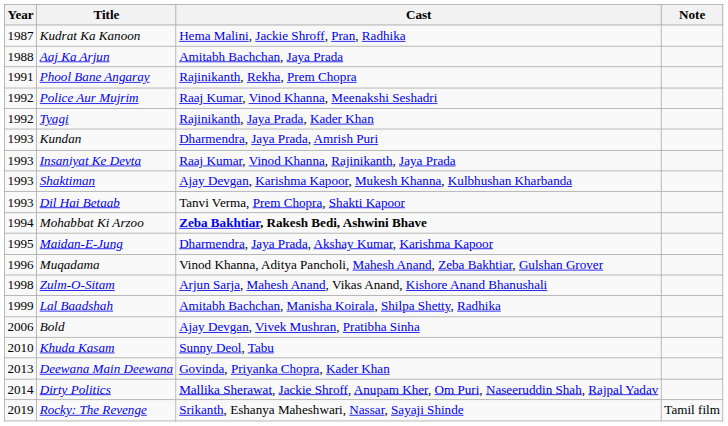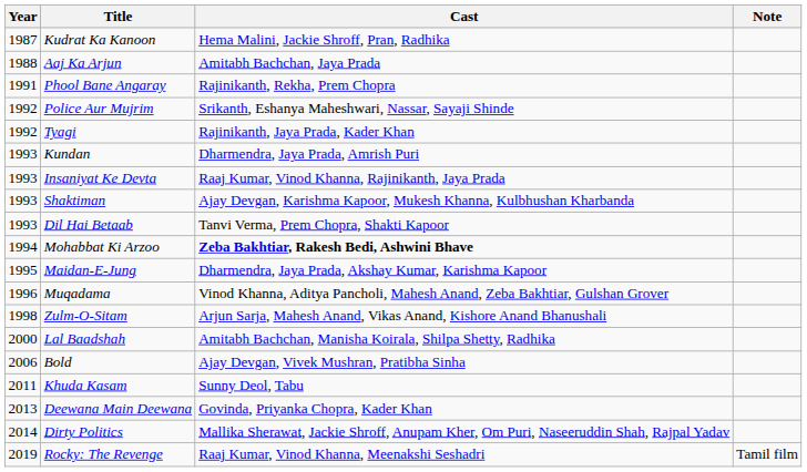 <table class="wikitable sortable">
 <tr style="background:#ccc; align:center,">
 <th>Year</th>
 <th>Title</th>
 <th>Cast</th>
 <th>Note</th>
 </tr>
 <tr>
 <td>1987</td>
 <td><em>Kudrat Ka Kanoon</em></td>
 <td><a href='#'>Hema Malini</a>, <a href='#'>Jackie Shroff</a>, <a href='#'>Pran</a>, <a href='#'>Radhika</a></td>
 <td></td>
 </tr>
 <tr>
 <td>1988</td>
 <td><em><a href='#'>Aaj Ka Arjun</a></em></td>
 <td><a href='#'>Amitabh Bachchan</a>, <a href='#'>Jaya Prada</a></td>
 <td></td>
 </tr>
 <tr>
 <td>1991</td>
 <td><em><a href='#'>Phool Bane Angaray</a></em></td>
 <td><a href='#'>Rajinikanth</a>, <a href='#'>Rekha</a>, <a href='#'>Prem Chopra</a></td>
 <td></td>
 </tr>
 <tr>
 <td>1992</td>
 <td><em><a href='#'>Police Aur Mujrim</a></em></td>
-<td><a href='#'>Raaj Kumar</a>, <a href='#'>Vinod Khanna</a>, <a href='#'>Meenakshi Seshadri</a></td>
+<td><a href='#'>Srikanth</a>, Eshanya Maheshwari, <a href='#'>Nassar</a>, <a href='#'>Sayaji Shinde</a></td>
 <td></td>
 </tr>
 <tr>
 <td>1992</td>
 <td><em><a href='#'>Tyagi</a></em></td>
 <td><a href='#'>Rajinikanth</a>, <a href='#'>Jaya Prada</a>, <a href='#'>Kader Khan</a></td>
 <td></td>
 </tr>
 <tr>
 <td>1993</td>
 <td><em>Kundan</em></td>
 <td><a href='#'>Dharmendra</a>, <a href='#'>Jaya Prada</a>, <a href='#'>Amrish Puri</a></td>
 <td></td>
 </tr>
 <tr>
 <td>1993</td>
 <td><em><a href='#'>Insaniyat Ke Devta</a></em></td>
 <td><a href='#'>Raaj Kumar</a>, <a href='#'>Vinod Khanna</a>, <a href='#'>Rajinikanth</a>, <a href='#'>Jaya Prada</a></td>
 <td></td>
 </tr>
 <tr>
 <td>1993</td>
 <td><em><a href='#'>Shaktiman</a></em></td>
 <td><a href='#'>Ajay Devgan</a>, <a href='#'>Karishma Kapoor</a>, <a href='#'>Mukesh Khanna</a>, <a href='#'>Kulbhushan Kharbanda</a></td>
 <td></td>
 </tr>
 <tr>
 <td>1993</td>
 <td><em><a href='#'>Dil Hai Betaab</a></em></td>
 <td>Tanvi Verma, <a href='#'>Prem Chopra</a>, <a href='#'>Shakti Kapoor</a></td>
 <td></td>
 </tr>
 <tr>
 <td>1994</td>
 <td><em>Mohabbat Ki Arzoo</em></td>
 <td><strong><a href='#'>Zeba Bakhtiar</a>, Rakesh Bedi, Ashwini Bhave</strong></td>
 <td></td>
 </tr>
 <tr>
 <td>1995</td>
 <td><em><a href='#'>Maidan-E-Jung</a></em></td>
 <td><a href='#'>Dharmendra</a>, <a href='#'>Jaya Prada</a>, <a href='#'>Akshay Kumar</a>, <a href='#'>Karishma Kapoor</a></td>
 <td></td>
 </tr>
 <tr>
 <td>1996</td>
 <td><em>Muqadama</em></td>
 <td>Vinod Khanna, Aditya Pancholi, <a href='#'>Mahesh Anand</a>, <a href='#'>Zeba Bakhtiar</a>, <a href='#'>Gulshan Grover</a></td>
 <td></td>
 </tr>
 <tr>
 <td>1998</td>
 <td><em><a href='#'>Zulm-O-Sitam</a></em></td>
 <td><a href='#'>Arjun Sarja</a>, <a href='#'>Mahesh Anand</a>, Vikas Anand, <a href='#'>Kishore Anand Bhanushali</a></td>
 <td></td>
 </tr>
 <tr>
-<td>1999</td>
+<td>2000</td>
 <td><em><a href='#'>Lal Baadshah</a></em></td>
 <td><a href='#'>Amitabh Bachchan</a>, <a href='#'>Manisha Koirala</a>, <a href='#'>Shilpa Shetty</a>, <a href='#'>Radhika</a></td>
 <td></td>
 </tr>
 <tr>
 <td>2006</td>
 <td><em>Bold</em></td>
 <td><a href='#'>Ajay Devgan</a>, <a href='#'>Vivek Mushran</a>, <a href='#'>Pratibha Sinha</a></td>
 <td></td>
 </tr>
 <tr>
-<td>2010</td>
+<td>2011</td>
 <td><em><a href='#'>Khuda Kasam</a></em></td>
 <td><a href='#'>Sunny Deol</a>, <a href='#'>Tabu</a></td>
 <td></td>
 </tr>
 <tr>
 <td>2013</td>
 <td><em><a href='#'>Deewana Main Deewana</a></em></td>
 <td><a href='#'>Govinda</a>, <a href='#'>Priyanka Chopra</a>, <a href='#'>Kader Khan</a></td>
 <td></td>
 </tr>
 <tr>
 <td>2014</td>
 <td><em><a href='#'>Dirty Politics</a></em></td>
 <td><a href='#'>Mallika Sherawat</a>, <a href='#'>Jackie Shroff</a>, <a href='#'>Anupam Kher</a>, <a href='#'>Om Puri</a>, <a href='#'>Naseeruddin Shah</a>, <a href='#'>Rajpal Yadav</a></td>
 <td></td>
 </tr>
 <tr>
 <td>2019</td>
 <td><em><a href='#'>Rocky: The Revenge</a></em></td>
-<td><a href='#'>Srikanth</a>, Eshanya Maheshwari, <a href='#'>Nassar</a>, <a href='#'>Sayaji Shinde</a></td>
+<td><a href='#'>Raaj Kumar</a>, <a href='#'>Vinod Khanna</a>, <a href='#'>Meenakshi Seshadri</a></td>
 <td>Tamil film</td>
 </tr>
 </table>
